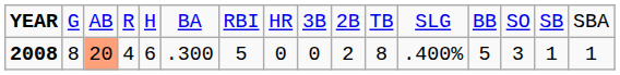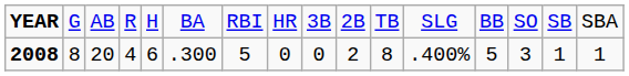 <table class="wikitable">
 <tr align=center>
 <td><strong>YEAR</strong></td>
 <td><a href='#'>G</a></td>
 <td><a href='#'>AB</a></td>
 <td><a href='#'>R</a></td>
 <td><a href='#'>H</a></td>
 <td><a href='#'>BA</a></td>
 <td><a href='#'>RBI</a></td>
 <td><a href='#'>HR</a></td>
 <td><a href='#'>3B</a></td>
 <td><a href='#'>2B</a></td>
 <td><a href='#'>TB</a></td>
 <td><a href='#'>SLG</a></td>
 <td><a href='#'>BB</a></td>
 <td><a href='#'>SO</a></td>
 <td><a href='#'>SB</a></td>
 <td>SBA</td>
 </tr>
 <tr align=center>
 <td><strong>2008</strong></td>
 <td>8</td>
-<td style="background: lightsalmon;">20</td>
+<td>20</td>
 <td>4</td>
 <td>6</td>
 <td>.300</td>
 <td>5</td>
 <td>0</td>
 <td>0</td>
 <td>2</td>
 <td>8</td>
 <td>.400%</td>
 <td>5</td>
 <td>3</td>
 <td>1</td>
 <td>1</td>
 </tr>
 </table>
